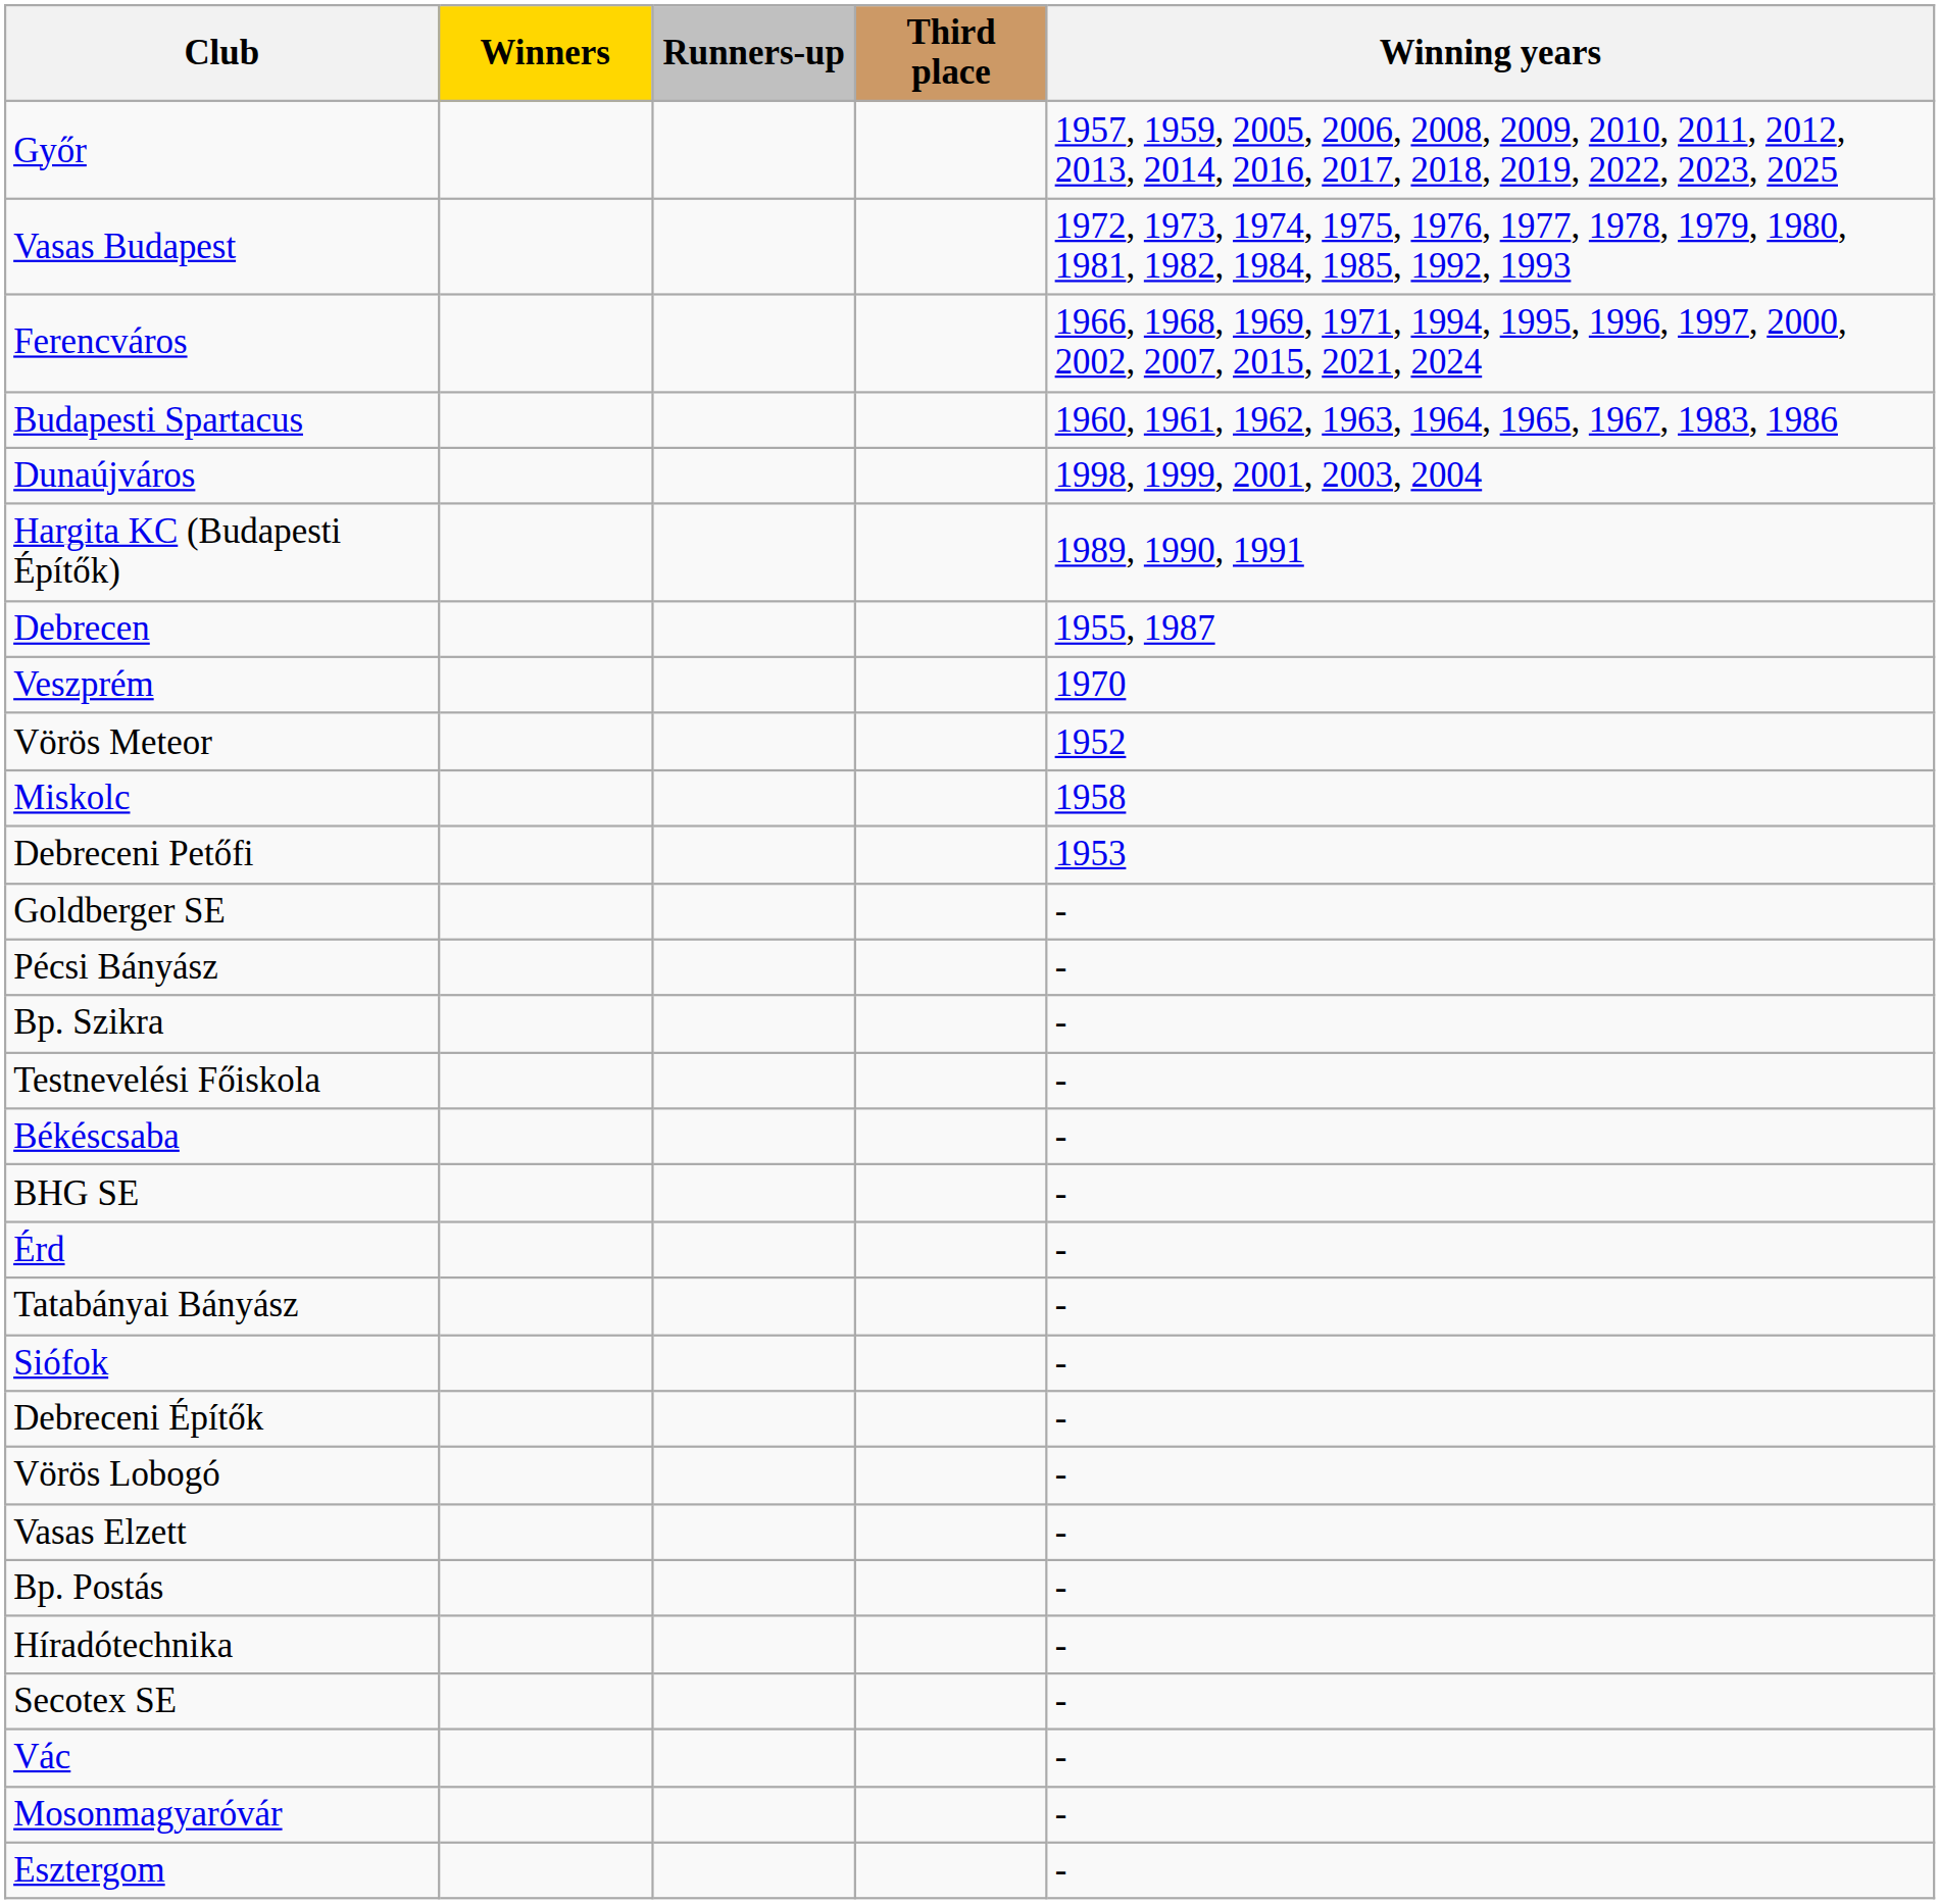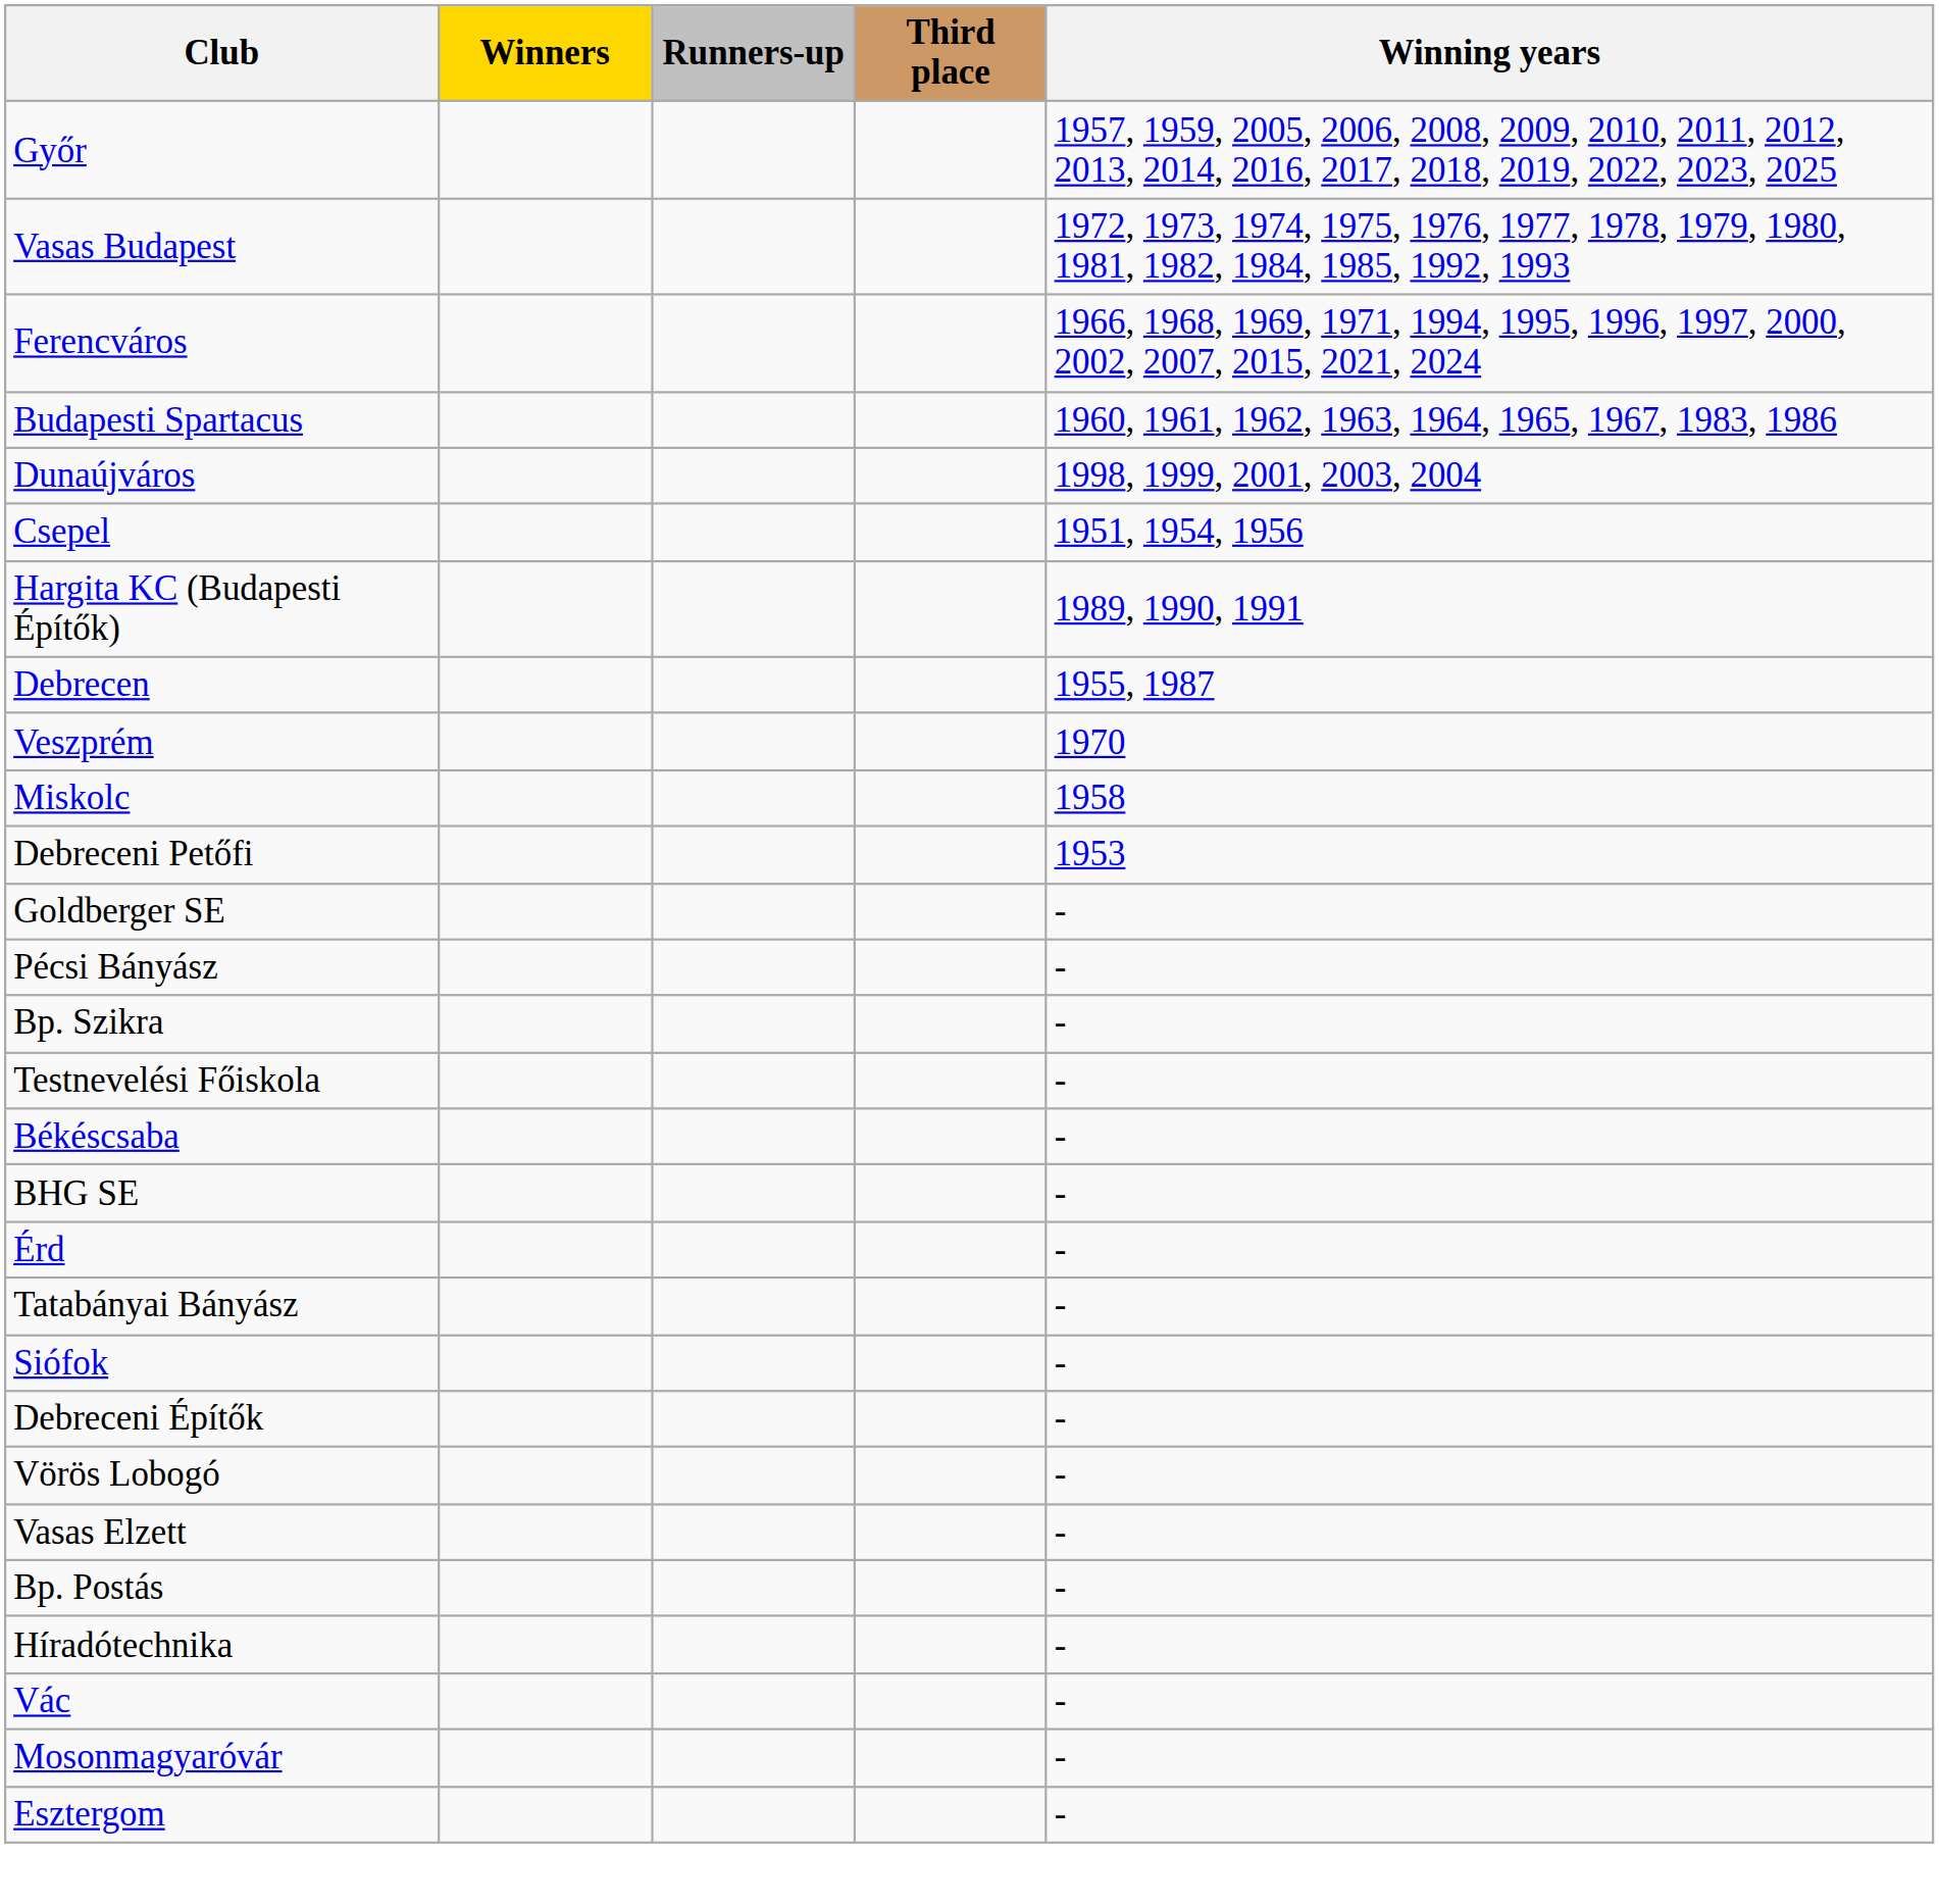 <table class="wikitable">
 <tr>
 <th width=190>Club</th>
 <th width=90; style="background:gold">Winners</th>
 <th width=85; style="background:silver">Runners-up</th>
 <th width=80; style="background:#cc9966">Third place</th>
 <th width=405>Winning years</th>
 </tr>
 <tr>
 <td><a href='#'>Győr</a></td>
 <td></td>
 <td></td>
 <td></td>
 <td><a href='#'>1957</a>, <a href='#'>1959</a>, <a href='#'>2005</a>, <a href='#'>2006</a>, <a href='#'>2008</a>, <a href='#'>2009</a>, <a href='#'>2010</a>, <a href='#'>2011</a>, <a href='#'>2012</a>, <a href='#'>2013</a>, <a href='#'>2014</a>, <a href='#'>2016</a>, <a href='#'>2017</a>, <a href='#'>2018</a>, <a href='#'>2019</a>, <a href='#'>2022</a>, <a href='#'>2023</a>, <a href='#'>2025</a></td>
 </tr>
 <tr>
 <td><a href='#'>Vasas Budapest</a></td>
 <td></td>
 <td></td>
 <td></td>
 <td><a href='#'>1972</a>, <a href='#'>1973</a>, <a href='#'>1974</a>, <a href='#'>1975</a>, <a href='#'>1976</a>, <a href='#'>1977</a>, <a href='#'>1978</a>, <a href='#'>1979</a>, <a href='#'>1980</a>, <a href='#'>1981</a>, <a href='#'>1982</a>, <a href='#'>1984</a>, <a href='#'>1985</a>, <a href='#'>1992</a>, <a href='#'>1993</a></td>
 </tr>
 <tr>
 <td><a href='#'>Ferencváros</a></td>
 <td></td>
 <td></td>
 <td></td>
 <td><a href='#'>1966</a>, <a href='#'>1968</a>, <a href='#'>1969</a>, <a href='#'>1971</a>, <a href='#'>1994</a>, <a href='#'>1995</a>, <a href='#'>1996</a>, <a href='#'>1997</a>, <a href='#'>2000</a>, <a href='#'>2002</a>, <a href='#'>2007</a>, <a href='#'>2015</a>, <a href='#'>2021</a>, <a href='#'>2024</a></td>
 </tr>
 <tr>
 <td><a href='#'>Budapesti Spartacus</a></td>
 <td></td>
 <td></td>
 <td></td>
 <td><a href='#'>1960</a>, <a href='#'>1961</a>, <a href='#'>1962</a>, <a href='#'>1963</a>, <a href='#'>1964</a>, <a href='#'>1965</a>, <a href='#'>1967</a>, <a href='#'>1983</a>, <a href='#'>1986</a></td>
 </tr>
 <tr>
 <td><a href='#'>Dunaújváros</a></td>
 <td></td>
 <td></td>
 <td></td>
 <td><a href='#'>1998</a>, <a href='#'>1999</a>, <a href='#'>2001</a>, <a href='#'>2003</a>, <a href='#'>2004</a></td>
 </tr>
 <tr>
+<td><a href='#'>Csepel</a></td>
+<td></td>
+<td></td>
+<td></td>
+<td><a href='#'>1951</a>, <a href='#'>1954</a>, <a href='#'>1956</a></td>
+</tr>
+<tr>
 <td><a href='#'>Hargita KC</a> (Budapesti Építők)</td>
 <td></td>
 <td></td>
 <td></td>
 <td><a href='#'>1989</a>, <a href='#'>1990</a>, <a href='#'>1991</a></td>
 </tr>
 <tr>
 <td><a href='#'>Debrecen</a></td>
 <td></td>
 <td></td>
 <td></td>
 <td><a href='#'>1955</a>, <a href='#'>1987</a></td>
 </tr>
 <tr>
 <td><a href='#'>Veszprém</a></td>
 <td></td>
 <td></td>
 <td></td>
 <td><a href='#'>1970</a></td>
-</tr>
-<tr>
-<td>Vörös Meteor</td>
-<td></td>
-<td></td>
-<td></td>
-<td><a href='#'>1952</a></td>
 </tr>
 <tr>
 <td><a href='#'>Miskolc</a></td>
 <td></td>
 <td></td>
 <td></td>
 <td><a href='#'>1958</a></td>
 </tr>
 <tr>
 <td>Debreceni Petőfi</td>
 <td></td>
 <td></td>
 <td></td>
 <td><a href='#'>1953</a></td>
 </tr>
 <tr>
 <td>Goldberger SE</td>
 <td></td>
 <td></td>
 <td></td>
 <td>-</td>
 </tr>
 <tr>
 <td>Pécsi Bányász</td>
 <td></td>
 <td></td>
 <td></td>
 <td>-</td>
 </tr>
 <tr>
 <td>Bp. Szikra</td>
 <td></td>
 <td></td>
 <td></td>
 <td>-</td>
 </tr>
 <tr>
 <td>Testnevelési Főiskola</td>
 <td></td>
 <td></td>
 <td></td>
 <td>-</td>
 </tr>
 <tr>
 <td><a href='#'>Békéscsaba</a></td>
 <td></td>
 <td></td>
 <td></td>
 <td>-</td>
 </tr>
 <tr>
 <td>BHG SE</td>
 <td></td>
 <td></td>
 <td></td>
 <td>-</td>
 </tr>
 <tr>
 <td><a href='#'>Érd</a></td>
 <td></td>
 <td></td>
 <td></td>
 <td>-</td>
 </tr>
 <tr>
 <td>Tatabányai Bányász</td>
 <td></td>
 <td></td>
 <td></td>
 <td>-</td>
 </tr>
 <tr>
 <td><a href='#'>Siófok</a></td>
 <td></td>
 <td></td>
 <td></td>
 <td>-</td>
 </tr>
 <tr>
 <td>Debreceni Építők</td>
 <td></td>
 <td></td>
 <td></td>
 <td>-</td>
 </tr>
 <tr>
 <td>Vörös Lobogó</td>
 <td></td>
 <td></td>
 <td></td>
 <td>-</td>
 </tr>
 <tr>
 <td>Vasas Elzett</td>
 <td></td>
 <td></td>
 <td></td>
 <td>-</td>
 </tr>
 <tr>
 <td>Bp. Postás</td>
 <td></td>
 <td></td>
 <td></td>
 <td>-</td>
 </tr>
 <tr>
 <td>Híradótechnika</td>
 <td></td>
 <td></td>
 <td></td>
 <td>-</td>
 </tr>
 <tr>
-<td>Secotex SE</td>
-<td></td>
-<td></td>
-<td></td>
-<td>-</td>
-</tr>
-<tr>
 <td><a href='#'>Vác</a></td>
 <td></td>
 <td></td>
 <td></td>
 <td>-</td>
 </tr>
 <tr>
 <td><a href='#'>Mosonmagyaróvár</a></td>
 <td></td>
 <td></td>
 <td></td>
 <td>-</td>
 </tr>
 <tr>
 <td><a href='#'>Esztergom</a></td>
 <td></td>
 <td></td>
 <td></td>
 <td>-</td>
 </tr>
 </table>
